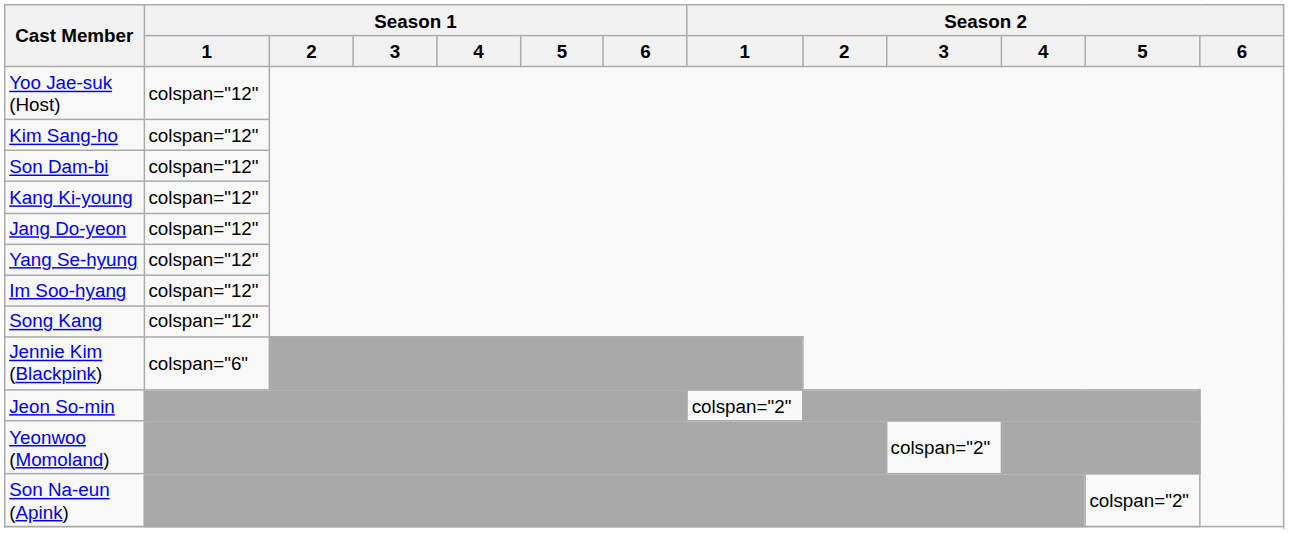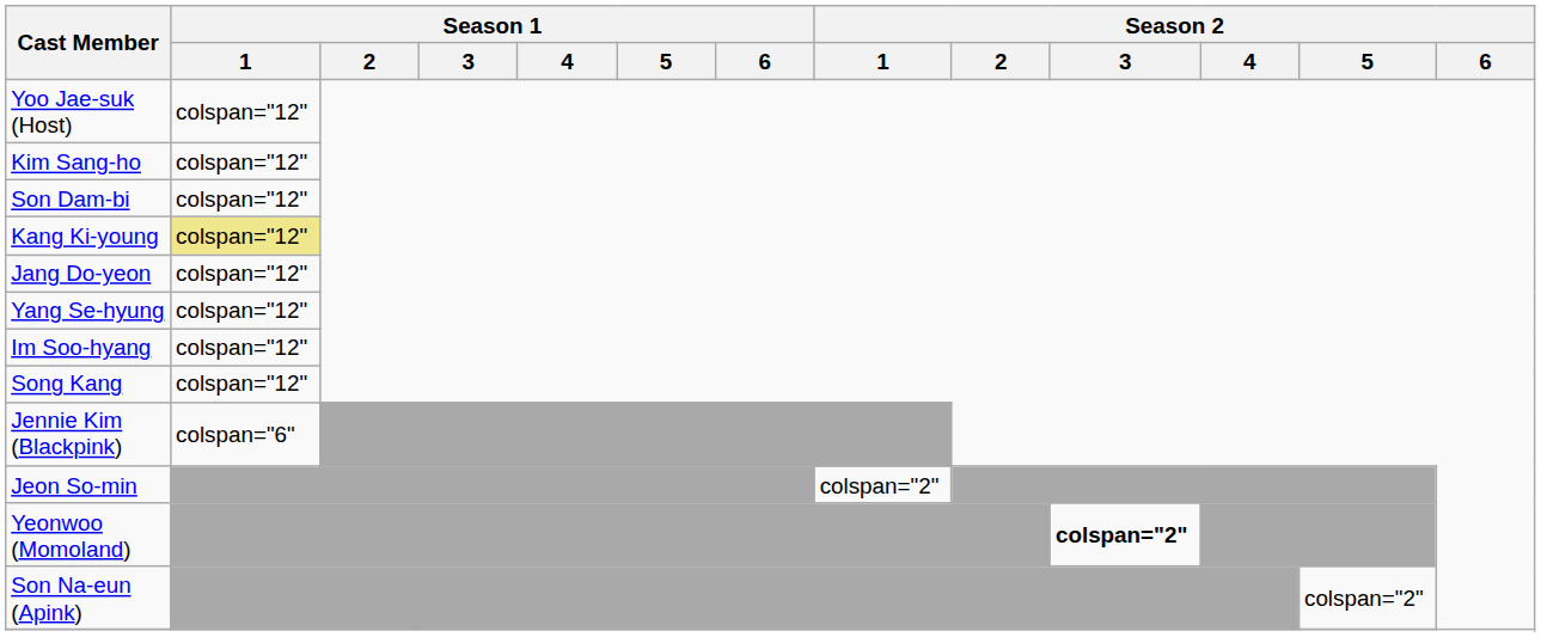 <table class="wikitable" style="font-size:80%">
 <tr>
 <th width="10%" rowspan="2">Cast Member</th>
 <th width="10%" colspan="6">Season 1</th>
 <th width="10%" colspan="6">Season 2</th>
 </tr>
 <tr>
 <th width="6%">1</th>
 <th width="6%">2</th>
 <th width="6%">3</th>
 <th width="6%">4</th>
 <th width="6%">5</th>
 <th width="6%">6</th>
 <th width="6%">1</th>
 <th width="6%">2</th>
 <th width="6%">3</th>
 <th width="6%">4</th>
 <th width="6%">5</th>
 <th width="6%">6</th>
 </tr>
 <tr>
 <td><a href='#'>Yoo Jae-suk</a> (Host)</td>
 <td>colspan="12" </td>
 </tr>
 <tr>
 <td><a href='#'>Kim Sang-ho</a></td>
 <td>colspan="12" </td>
 </tr>
 <tr>
 <td><a href='#'>Son Dam-bi</a></td>
 <td>colspan="12" </td>
 </tr>
 <tr>
 <td><a href='#'>Kang Ki-young</a></td>
-<td>colspan="12" </td>
+<td style="background: khaki;">colspan="12" </td>
 </tr>
 <tr>
 <td><a href='#'>Jang Do-yeon</a></td>
 <td>colspan="12" </td>
 </tr>
 <tr>
 <td><a href='#'>Yang Se-hyung</a></td>
 <td>colspan="12" </td>
 </tr>
 <tr>
 <td><a href='#'>Im Soo-hyang</a></td>
 <td>colspan="12" </td>
 </tr>
 <tr>
 <td><a href='#'>Song Kang</a></td>
 <td>colspan="12" </td>
 </tr>
 <tr>
 <td><a href='#'>Jennie Kim</a> (<a href='#'>Blackpink</a>)</td>
 <td>colspan="6" </td>
 <td colspan="6" bgcolor="darkgray"></td>
 </tr>
 <tr>
 <td><a href='#'>Jeon So-min</a></td>
 <td colspan="6" bgcolor="darkgray"></td>
 <td>colspan="2" </td>
 <td colspan="4" bgcolor="darkgray"></td>
 </tr>
 <tr>
 <td><a href='#'>Yeonwoo</a> (<a href='#'>Momoland</a>)</td>
 <td colspan="8" bgcolor="darkgray"></td>
-<td>colspan="2" </td>
+<td><strong>colspan="2" </strong></td>
 <td colspan="2" bgcolor="darkgray"></td>
 </tr>
 <tr>
 <td><a href='#'>Son Na-eun</a> (<a href='#'>Apink</a>)</td>
 <td colspan="10" bgcolor="darkgray"></td>
 <td>colspan="2" </td>
 </tr>
 <tr>
 </tr>
 </table>
